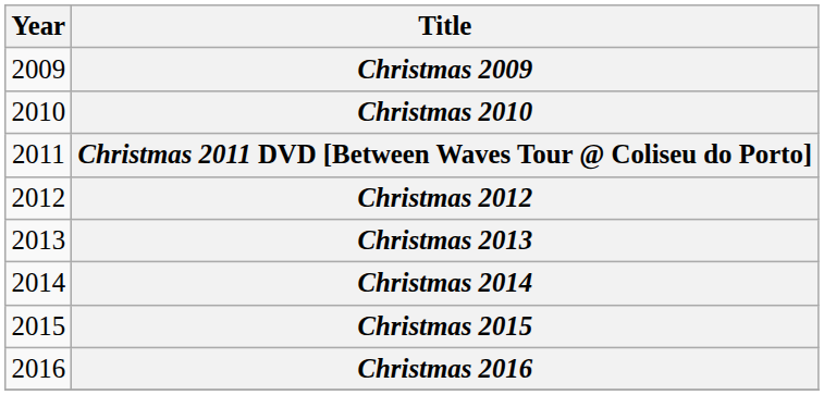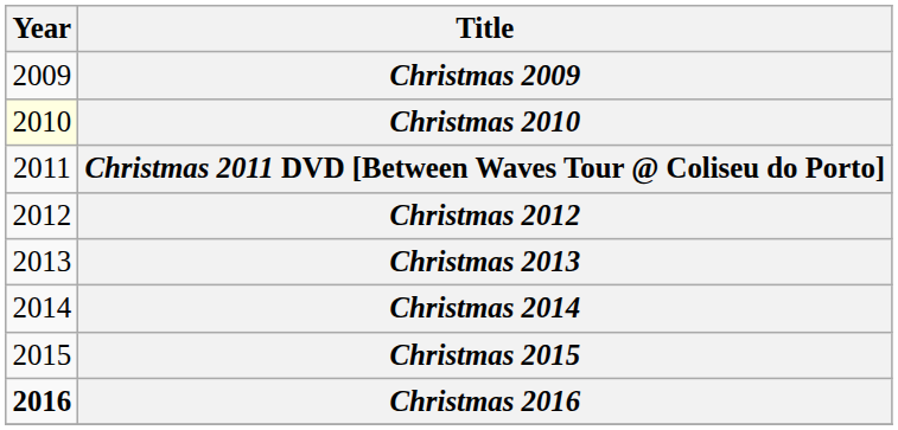 <table class="wikitable plainrowheaders" style="text-align:center;">
 <tr>
 <th scope="col" rowspan="1">Year</th>
 <th scope="col" rowspan="1">Title</th>
 </tr>
 <tr>
 <td>2009</td>
 <th scope="row"><em>Christmas 2009</em></th>
 </tr>
 <tr>
-<td>2010</td>
+<td style="background: lightyellow;">2010</td>
 <th scope="row"><em>Christmas 2010</em></th>
 </tr>
 <tr>
 <td>2011</td>
 <th scope="row"><em>Christmas 2011</em> DVD [Between Waves Tour @ Coliseu do Porto]</th>
 </tr>
 <tr>
 <td>2012</td>
 <th scope="row"><em>Christmas 2012</em></th>
 </tr>
 <tr>
 <td>2013</td>
 <th scope="row"><em>Christmas 2013</em></th>
 </tr>
 <tr>
 <td>2014</td>
 <th scope="row"><em>Christmas 2014</em></th>
 </tr>
 <tr>
 <td>2015</td>
 <th scope="row"><em>Christmas 2015</em></th>
 </tr>
 <tr>
-<td>2016</td>
+<td><strong>2016</strong></td>
 <th scope="row"><em>Christmas 2016</em></th>
 </tr>
 <tr>
 </tr>
 </table>
